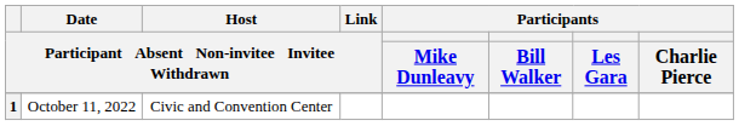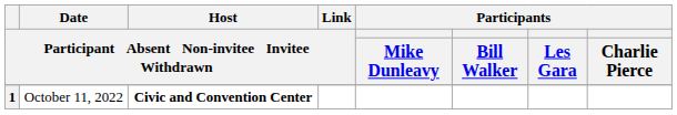 <table class="wikitable mw-collapsible" style="text-align:center;">
 <tr style="font-size:small;">
 <th scope="col"></th>
 <th scope="col">Date</th>
 <th scope="col">Host</th>
 <th scope="col">Link</th>
 <th scope="col" colspan="4">Participants</th>
 </tr>
 <tr>
 <th colspan="4" rowspan="2"> <small>Participant  </small> <small>Absent  </small> <small>Non-invitee  </small> <small>Invitee  </small> <small>Withdrawn  </small></th>
 <th scope="col" style="background:"></th>
 <th scope="col" style="background:"></th>
 <th scope="col" style="background:"></th>
 <th scope="col" style="background:"></th>
 </tr>
 <tr>
 <th scope="col"><a href='#'>Mike Dunleavy</a></th>
 <th scope="col"><a href='#'>Bill Walker</a></th>
 <th scope="col"><a href='#'>Les Gara</a></th>
 <th scole="col">Charlie Pierce</th>
 </tr>
 <tr>
 </tr>
 <tr style="background:#FFFFFF;font-size:small;">
 <th scope="row">1</th>
 <td style="white-space:nowrap;">October 11, 2022</td>
-<td style="white-space:nowrap;">Civic and Convention Center</td>
+<td style="white-space:nowrap;"><strong>Civic and Convention Center</strong></td>
 <td style="white-space:nowrap;"></td>
 <td></td>
 <td></td>
 <td></td>
 <td></td>
 </tr>
 </table>
